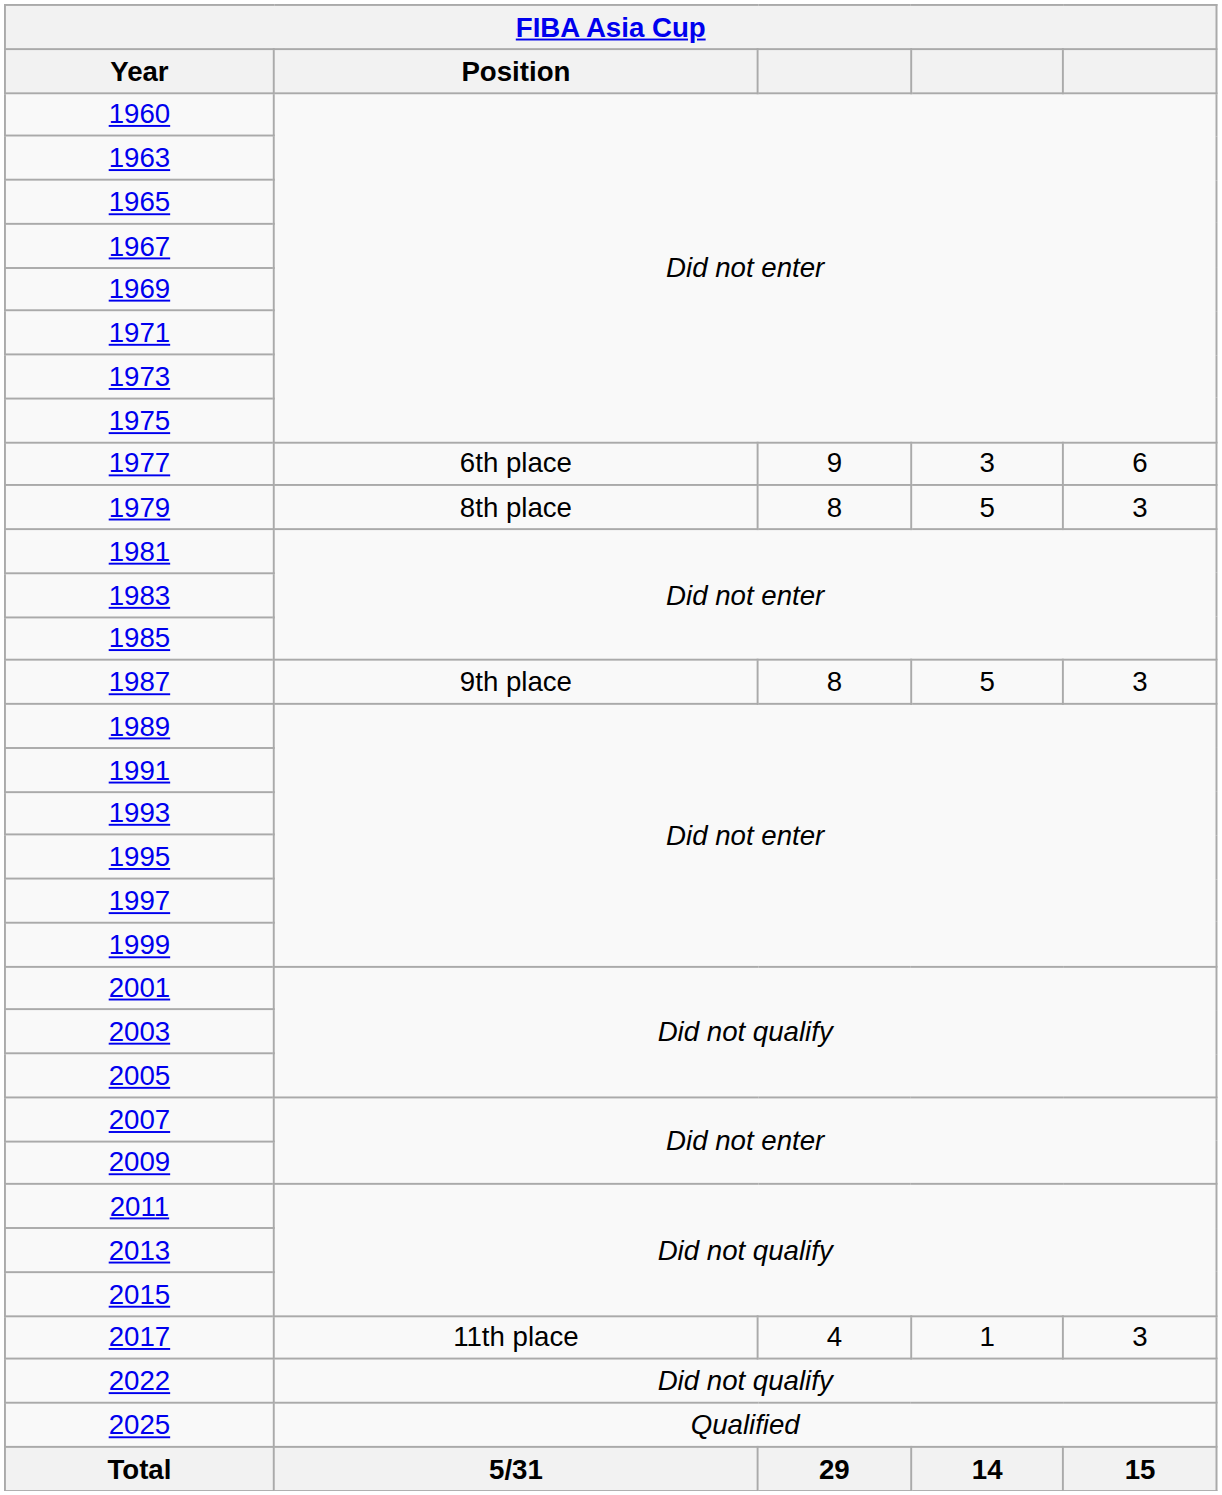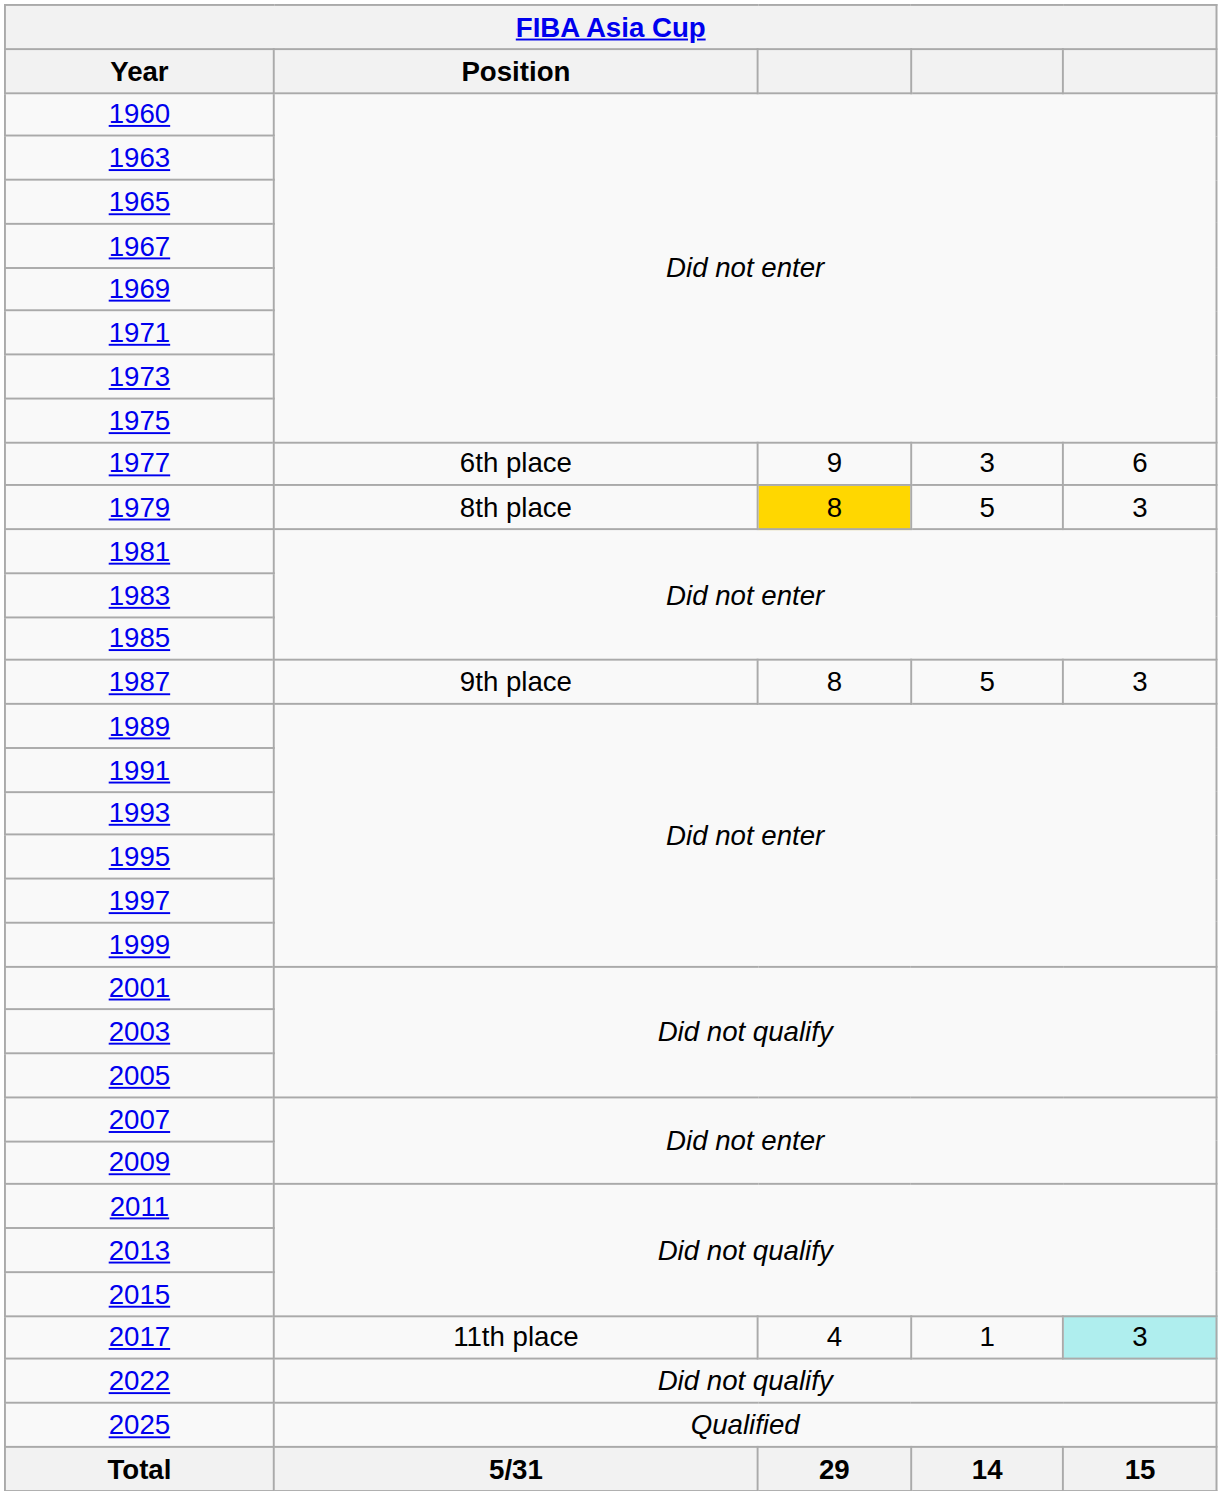 <table class="wikitable" width=50% style="text-align: center;font-size:90%;">
 <tr>
 <th colspan=5><a href='#'>FIBA Asia Cup</a></th>
 </tr>
 <tr>
 <th>Year</th>
 <th>Position</th>
 <th></th>
 <th></th>
 <th></th>
 </tr>
 <tr>
 <td> <a href='#'>1960</a></td>
 <td rowspan=8 colspan="4"><em>Did not enter</em></td>
 </tr>
 <tr>
 <td> <a href='#'>1963</a></td>
 </tr>
 <tr>
 <td> <a href='#'>1965</a></td>
 </tr>
 <tr>
 <td> <a href='#'>1967</a></td>
 </tr>
 <tr>
 <td> <a href='#'>1969</a></td>
 </tr>
 <tr>
 <td> <a href='#'>1971</a></td>
 </tr>
 <tr>
 <td> <a href='#'>1973</a></td>
 </tr>
 <tr>
 <td> <a href='#'>1975</a></td>
 </tr>
 <tr>
 <td> <a href='#'>1977</a></td>
 <td>6th place</td>
 <td>9</td>
 <td>3</td>
 <td>6</td>
 </tr>
 <tr>
 <td> <a href='#'>1979</a></td>
 <td>8th place</td>
-<td>8</td>
+<td style="background: gold;">8</td>
 <td>5</td>
 <td>3</td>
 </tr>
 <tr>
 <td> <a href='#'>1981</a></td>
 <td colspan=4 rowspan=3><em>Did not enter</em></td>
 </tr>
 <tr>
 <td> <a href='#'>1983</a></td>
 </tr>
 <tr>
 <td> <a href='#'>1985</a></td>
 </tr>
 <tr>
 <td> <a href='#'>1987</a></td>
 <td>9th place</td>
 <td>8</td>
 <td>5</td>
 <td>3</td>
 </tr>
 <tr>
 <td> <a href='#'>1989</a></td>
 <td rowspan=6 colspan="4"><em>Did not enter</em></td>
 </tr>
 <tr>
 <td> <a href='#'>1991</a></td>
 </tr>
 <tr>
 <td> <a href='#'>1993</a></td>
 </tr>
 <tr>
 <td> <a href='#'>1995</a></td>
 </tr>
 <tr>
 <td> <a href='#'>1997</a></td>
 </tr>
 <tr>
 <td> <a href='#'>1999</a></td>
 </tr>
 <tr>
 <td> <a href='#'>2001</a></td>
 <td rowspan=3  colspan=4><em>Did not qualify</em></td>
 </tr>
 <tr>
 <td> <a href='#'>2003</a></td>
 </tr>
 <tr>
 <td> <a href='#'>2005</a></td>
 </tr>
 <tr>
 <td> <a href='#'>2007</a></td>
 <td rowspan=2 colspan=4><em>Did not enter</em></td>
 </tr>
 <tr>
 <td> <a href='#'>2009</a></td>
 </tr>
 <tr>
 <td> <a href='#'>2011</a></td>
 <td rowspan=3 colspan=4><em>Did not qualify</em></td>
 </tr>
 <tr>
 <td> <a href='#'>2013</a></td>
 </tr>
 <tr>
 <td> <a href='#'>2015</a></td>
 </tr>
 <tr>
 <td> <a href='#'>2017</a></td>
 <td>11th place</td>
 <td>4</td>
 <td>1</td>
-<td>3</td>
+<td style="background: paleturquoise;">3</td>
 </tr>
 <tr>
 <td> <a href='#'>2022</a></td>
 <td colspan=4><em>Did not qualify</em></td>
 </tr>
 <tr>
 <td> <a href='#'>2025</a></td>
 <td colspan=4><em>Qualified</em></td>
 </tr>
 <tr>
 <th>Total</th>
 <th>5/31</th>
 <th>29</th>
 <th>14</th>
 <th>15</th>
 </tr>
 </table>
